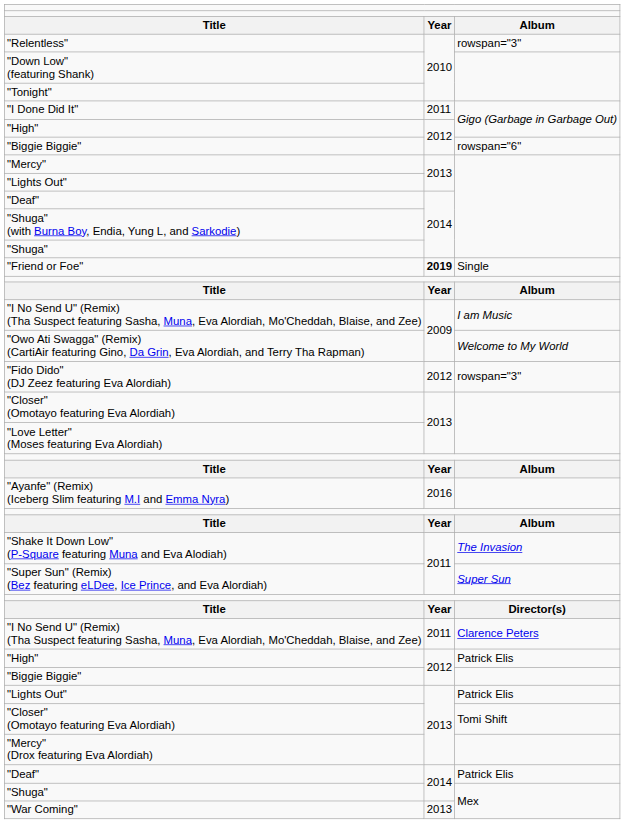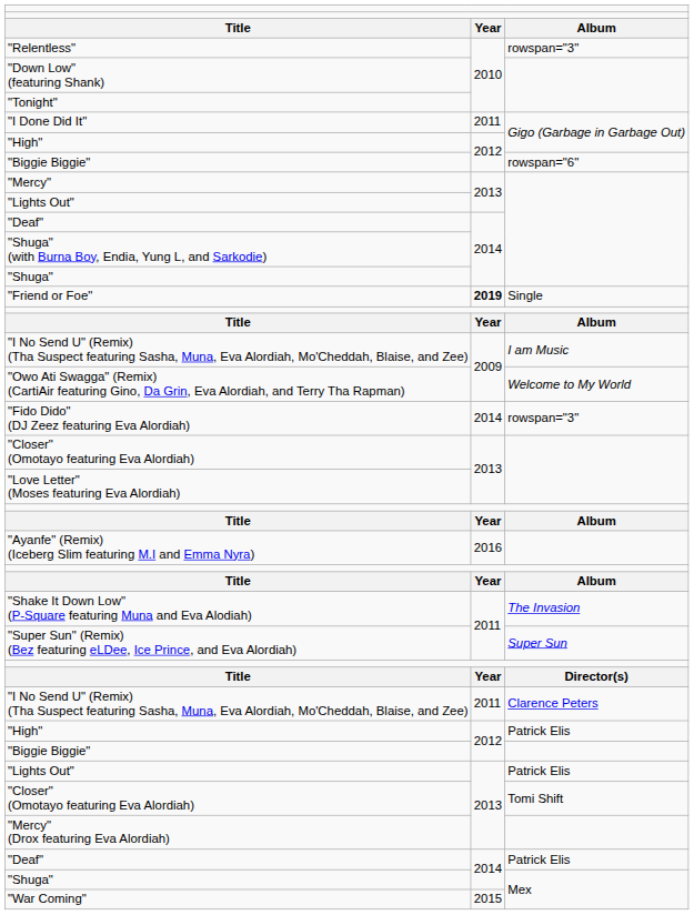 <table class="wikitable sortable">
 <tr>
 <td colspan="4" style="font-size:120%"></td>
 </tr>
 <tr>
 <td colspan="3" style="font-size:110%"></td>
 </tr>
 <tr>
 <th>Title</th>
 <th>Year</th>
 <th>Album</th>
 </tr>
 <tr>
 <td>"Relentless"</td>
 <td rowspan="3">2010</td>
 <td>rowspan="3" </td>
 </tr>
 <tr>
 <td>"Down Low" <br><span>(featuring Shank)</span></td>
 </tr>
 <tr>
 <td>"Tonight" </td>
 </tr>
 <tr>
 <td>"I Done Did It"</td>
 <td>2011</td>
 <td rowspan="2"><em>Gigo (Garbage in Garbage Out)</em></td>
 </tr>
 <tr>
 <td>"High"</td>
 <td rowspan="2">2012</td>
 </tr>
 <tr>
 <td>"Biggie Biggie"</td>
 <td>rowspan="6" </td>
 </tr>
 <tr>
 <td>"Mercy"</td>
 <td rowspan="2">2013</td>
 </tr>
 <tr>
 <td>"Lights Out"</td>
 </tr>
 <tr>
 <td>"Deaf"</td>
 <td rowspan="3">2014</td>
 </tr>
 <tr>
 <td>"Shuga" <br><span>(with <a href='#'>Burna Boy</a>, Endia, Yung L, and <a href='#'>Sarkodie</a>)</span></td>
 </tr>
 <tr>
 <td>"Shuga"</td>
 </tr>
 <tr>
 <td>"Friend or Foe"</td>
 <td><strong>2019</strong></td>
 <td>Single</td>
 </tr>
 <tr>
 <td colspan="3" style="font-size:110%"></td>
 </tr>
 <tr>
 <th>Title</th>
 <th>Year</th>
 <th>Album</th>
 </tr>
 <tr>
 <td>"I No Send U" (Remix) <br><span>(Tha Suspect featuring Sasha, <a href='#'>Muna</a>, Eva Alordiah, Mo'Cheddah, Blaise, and Zee)</span></td>
 <td rowspan="2">2009</td>
 <td><em>I am Music</em></td>
 </tr>
 <tr>
 <td>"Owo Ati Swagga" (Remix) <br><span>(CartiAir featuring Gino, <a href='#'>Da Grin</a>, Eva Alordiah, and Terry Tha Rapman)</span></td>
 <td><em>Welcome to My World</em></td>
 </tr>
 <tr>
 <td>"Fido Dido" <br><span>(DJ Zeez featuring Eva Alordiah)</span></td>
-<td>2012</td>
+<td>2014</td>
 <td>rowspan="3" </td>
 </tr>
 <tr>
 <td>"Closer" <br><span>(Omotayo featuring Eva Alordiah)</span></td>
 <td rowspan="2">2013</td>
 </tr>
 <tr>
 <td>"Love Letter" <br><span>(Moses  featuring Eva Alordiah)</span></td>
 </tr>
 <tr>
 <td colspan="3" style="font-size:120%"></td>
 </tr>
 <tr>
 <th>Title</th>
 <th>Year</th>
 <th>Album</th>
 </tr>
 <tr>
 <td>"Ayanfe" (Remix) <br><span>(Iceberg Slim featuring <a href='#'>M.I</a> and <a href='#'>Emma Nyra</a>)</span></td>
 <td>2016</td>
 <td></td>
 </tr>
 <tr>
 <td colspan="4" style="font-size:120%"></td>
 </tr>
 <tr>
 <th>Title</th>
 <th>Year</th>
 <th>Album</th>
 </tr>
 <tr>
 <td>"Shake It Down Low" <br><span>(<a href='#'>P-Square</a> featuring <a href='#'>Muna</a> and Eva Alodiah)</span></td>
 <td rowspan="2">2011</td>
 <td><a href='#'><em>The Invasion</em></a></td>
 </tr>
 <tr>
 <td>"Super Sun" (Remix) <br><span>(<a href='#'>Bez</a> featuring <a href='#'>eLDee</a>, <a href='#'>Ice Prince</a>, and Eva Alordiah)</span></td>
 <td><em><a href='#'>Super Sun</a></em></td>
 </tr>
 <tr>
 <td colspan="3" style="font-size:120%"></td>
 </tr>
 <tr>
 <th>Title</th>
 <th>Year</th>
 <th>Director(s)</th>
 </tr>
 <tr>
 <td>"I No Send U" (Remix) <br><span>(Tha Suspect featuring Sasha, <a href='#'>Muna</a>, Eva Alordiah, Mo'Cheddah, Blaise, and Zee)</span></td>
 <td>2011</td>
 <td><a href='#'>Clarence Peters</a></td>
 </tr>
 <tr>
 <td>"High"</td>
 <td rowspan="2">2012</td>
 <td>Patrick Elis</td>
 </tr>
 <tr>
 <td>"Biggie Biggie"</td>
 <td></td>
 </tr>
 <tr>
 <td>"Lights Out"</td>
 <td rowspan="3">2013</td>
 <td>Patrick Elis</td>
 </tr>
 <tr>
 <td>"Closer" <br><span>(Omotayo featuring Eva Alordiah)</span></td>
 <td>Tomi Shift</td>
 </tr>
 <tr>
 <td>"Mercy" <br><span>(Drox featuring Eva Alordiah)</span></td>
 <td></td>
 </tr>
 <tr>
 <td>"Deaf"</td>
 <td rowspan="2">2014</td>
 <td>Patrick Elis</td>
 </tr>
 <tr>
 <td>"Shuga"</td>
 <td rowspan="2">Mex</td>
 </tr>
 <tr>
 <td>"War Coming"</td>
-<td>2013</td>
+<td>2015</td>
 </tr>
 </table>
